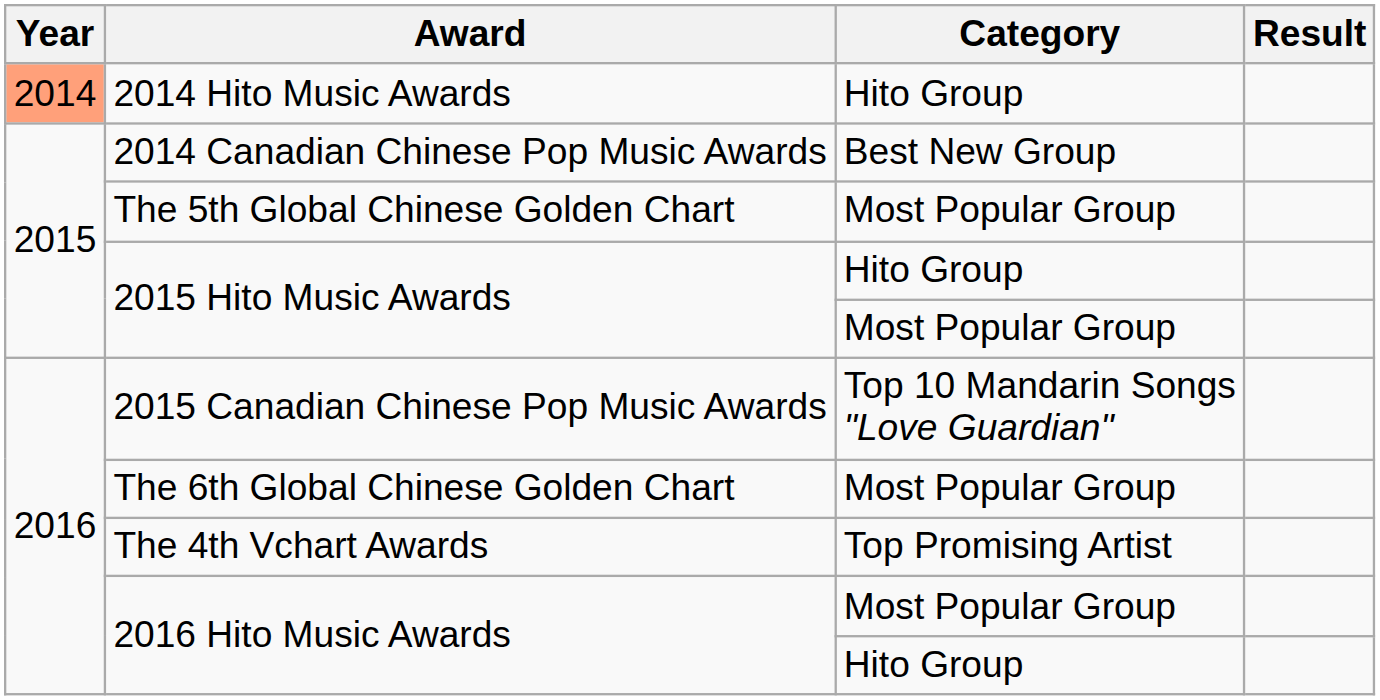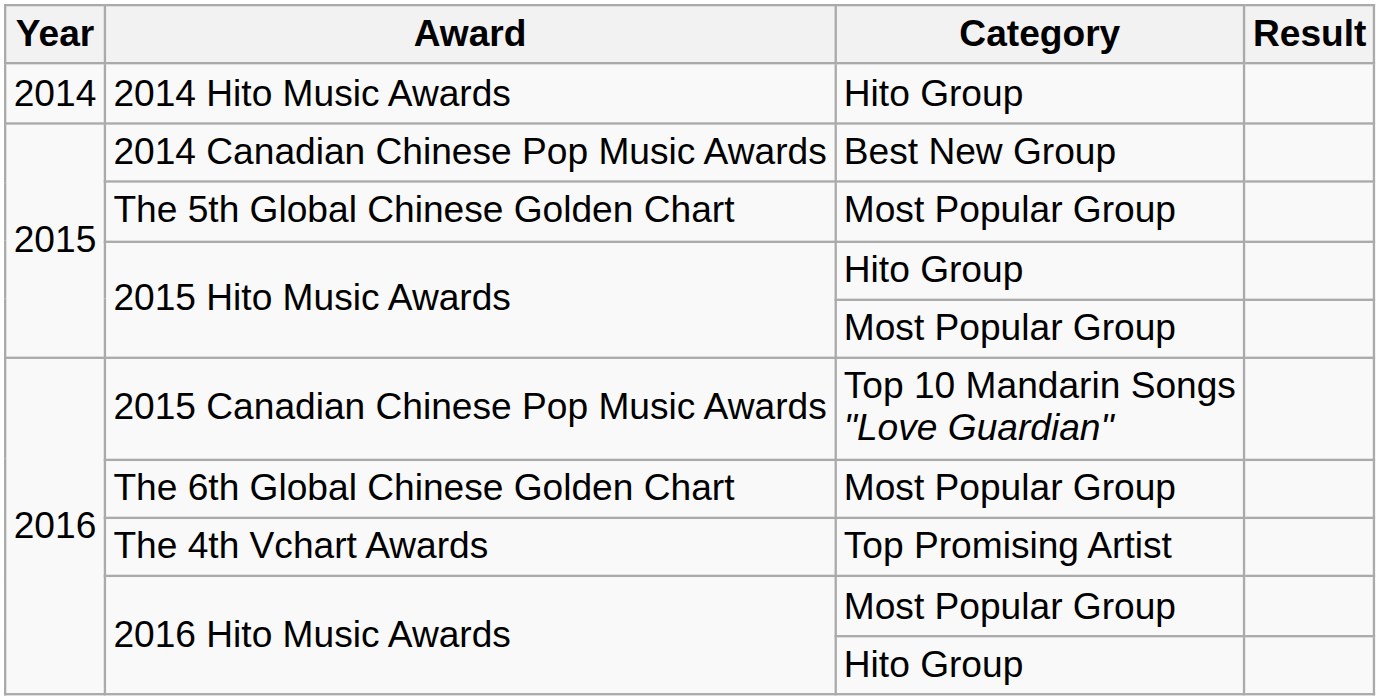 <table class="wikitable sortable">
 <tr>
 <th>Year</th>
 <th>Award</th>
 <th>Category</th>
 <th>Result</th>
 </tr>
 <tr>
-<td align="center" style="background: lightsalmon;">2014</td>
+<td align="center">2014</td>
 <td>2014 Hito Music Awards</td>
 <td>Hito Group</td>
 <td></td>
 </tr>
 <tr>
 <td rowspan="4" align="center">2015</td>
 <td>2014 Canadian Chinese Pop Music Awards</td>
 <td>Best New Group</td>
 <td></td>
 </tr>
 <tr>
 <td>The 5th Global Chinese Golden Chart</td>
 <td>Most Popular Group</td>
 <td></td>
 </tr>
 <tr>
 <td rowspan="2">2015 Hito Music Awards</td>
 <td>Hito Group</td>
 <td></td>
 </tr>
 <tr>
 <td>Most Popular Group</td>
 <td></td>
 </tr>
 <tr>
 <td rowspan="5" align="center">2016</td>
 <td>2015 Canadian Chinese Pop Music Awards</td>
 <td>Top 10 Mandarin Songs<br><em>"Love Guardian"</em></td>
 <td></td>
 </tr>
 <tr>
 <td>The 6th Global Chinese Golden Chart</td>
 <td>Most Popular Group</td>
 <td></td>
 </tr>
 <tr>
 <td>The 4th Vchart Awards</td>
 <td>Top Promising Artist</td>
 <td></td>
 </tr>
 <tr>
 <td rowspan="2">2016 Hito Music Awards</td>
 <td>Most Popular Group</td>
 <td></td>
 </tr>
 <tr>
 <td>Hito Group</td>
 <td></td>
 </tr>
 </table>
